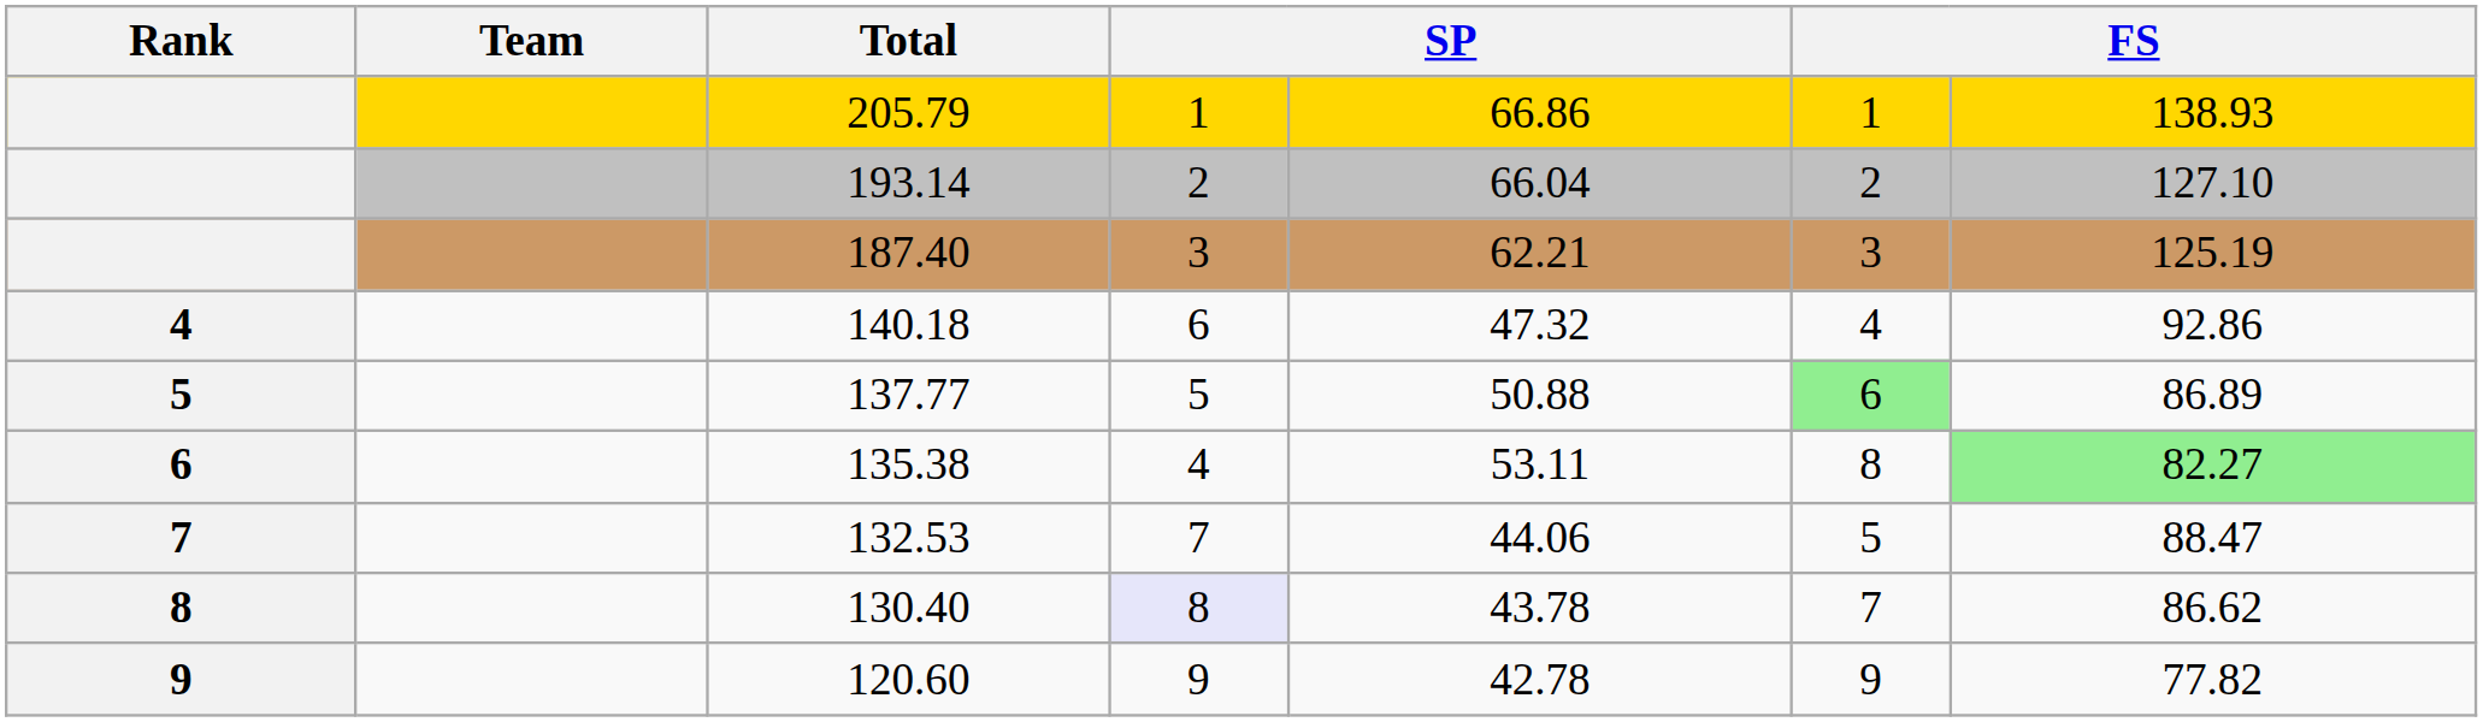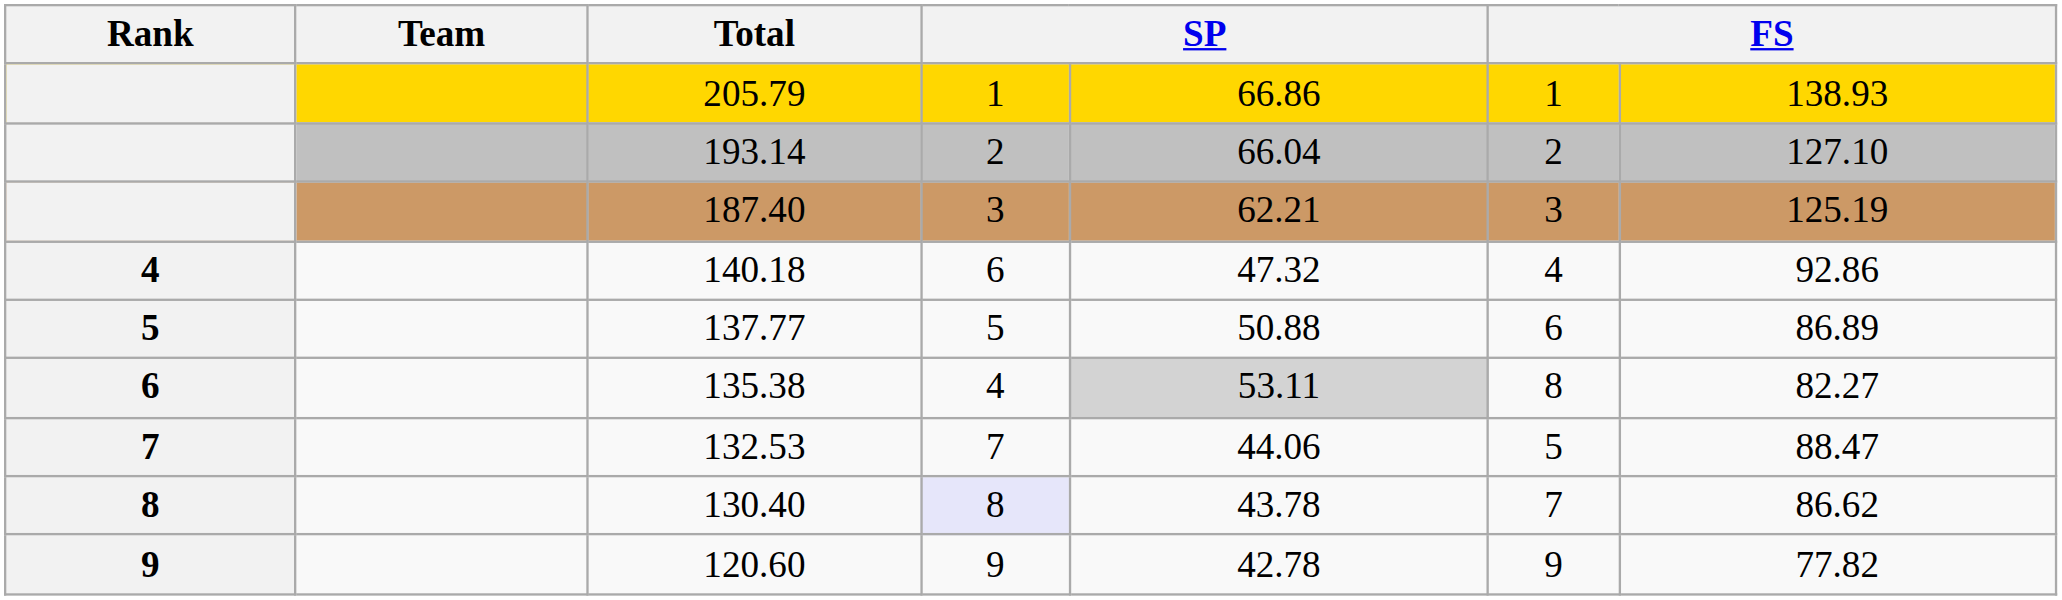 <table class="wikitable sortable" style="text-align:center; width:70%">
 <tr>
 <th scope="col">Rank</th>
 <th scope="col">Team</th>
 <th scope="col">Total</th>
 <th scope="col" colspan="2" width="80px"><a href='#'>SP</a></th>
 <th scope="col" colspan="2" width="80px"><a href='#'>FS</a></th>
 </tr>
 <tr bgcolor="gold">
 <th scope="row"></th>
 <td align="left"></td>
 <td>205.79</td>
 <td>1</td>
 <td>66.86</td>
 <td>1</td>
 <td>138.93</td>
 </tr>
 <tr bgcolor="silver">
 <th scope="row"></th>
 <td align="left"></td>
 <td>193.14</td>
 <td>2</td>
 <td>66.04</td>
 <td>2</td>
 <td>127.10</td>
 </tr>
 <tr bgcolor="cc9966">
 <th scope="row"></th>
 <td align="left"></td>
 <td>187.40</td>
 <td>3</td>
 <td>62.21</td>
 <td>3</td>
 <td>125.19</td>
 </tr>
 <tr>
 <th scope="row">4</th>
 <td align="left"></td>
 <td>140.18</td>
 <td>6</td>
 <td>47.32</td>
 <td>4</td>
 <td>92.86</td>
 </tr>
 <tr>
 <th scope="row">5</th>
 <td align="left"></td>
 <td>137.77</td>
 <td>5</td>
 <td>50.88</td>
-<td style="background: lightgreen;">6</td>
+<td>6</td>
 <td>86.89</td>
 </tr>
 <tr>
 <th scope="row">6</th>
 <td align="left"></td>
 <td>135.38</td>
 <td>4</td>
-<td>53.11</td>
+<td style="background: lightgrey;">53.11</td>
 <td>8</td>
-<td style="background: lightgreen;">82.27</td>
+<td>82.27</td>
 </tr>
 <tr>
 <th scope="row">7</th>
 <td align="left"></td>
 <td>132.53</td>
 <td>7</td>
 <td>44.06</td>
 <td>5</td>
 <td>88.47</td>
 </tr>
 <tr>
 <th scope="row">8</th>
 <td align="left"></td>
 <td>130.40</td>
 <td style="background: lavender;">8</td>
 <td>43.78</td>
 <td>7</td>
 <td>86.62</td>
 </tr>
 <tr>
 <th scope="row">9</th>
 <td align="left"></td>
 <td>120.60</td>
 <td>9</td>
 <td>42.78</td>
 <td>9</td>
 <td>77.82</td>
 </tr>
 </table>
